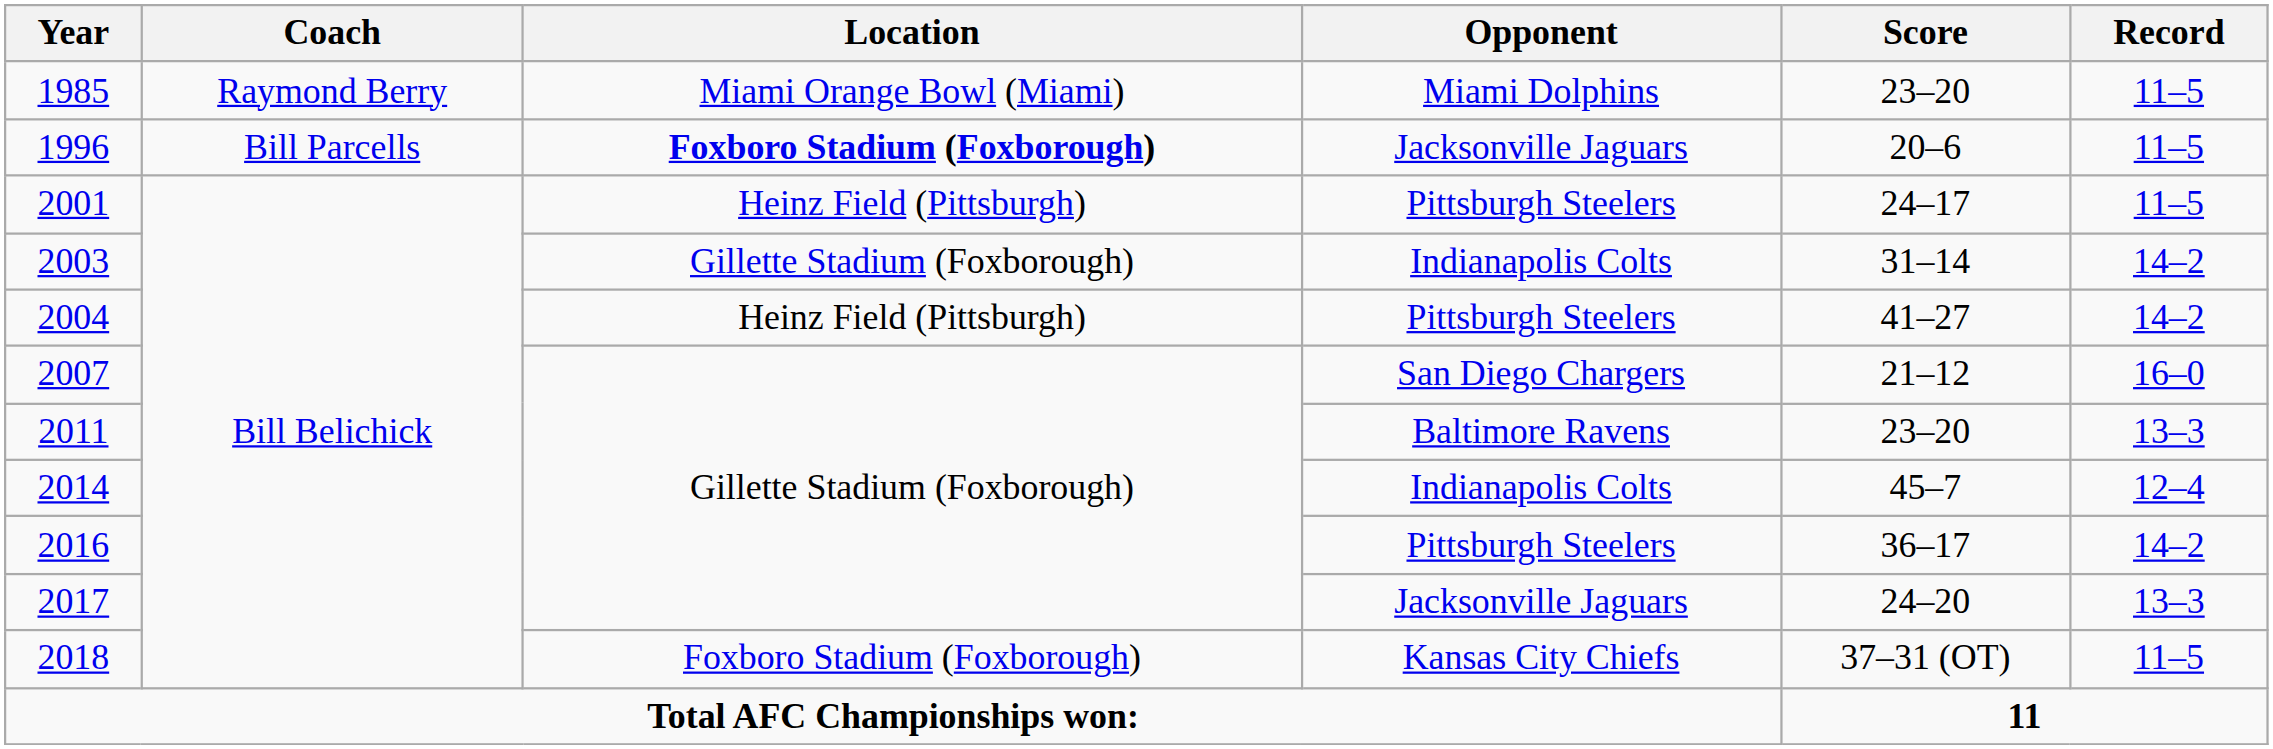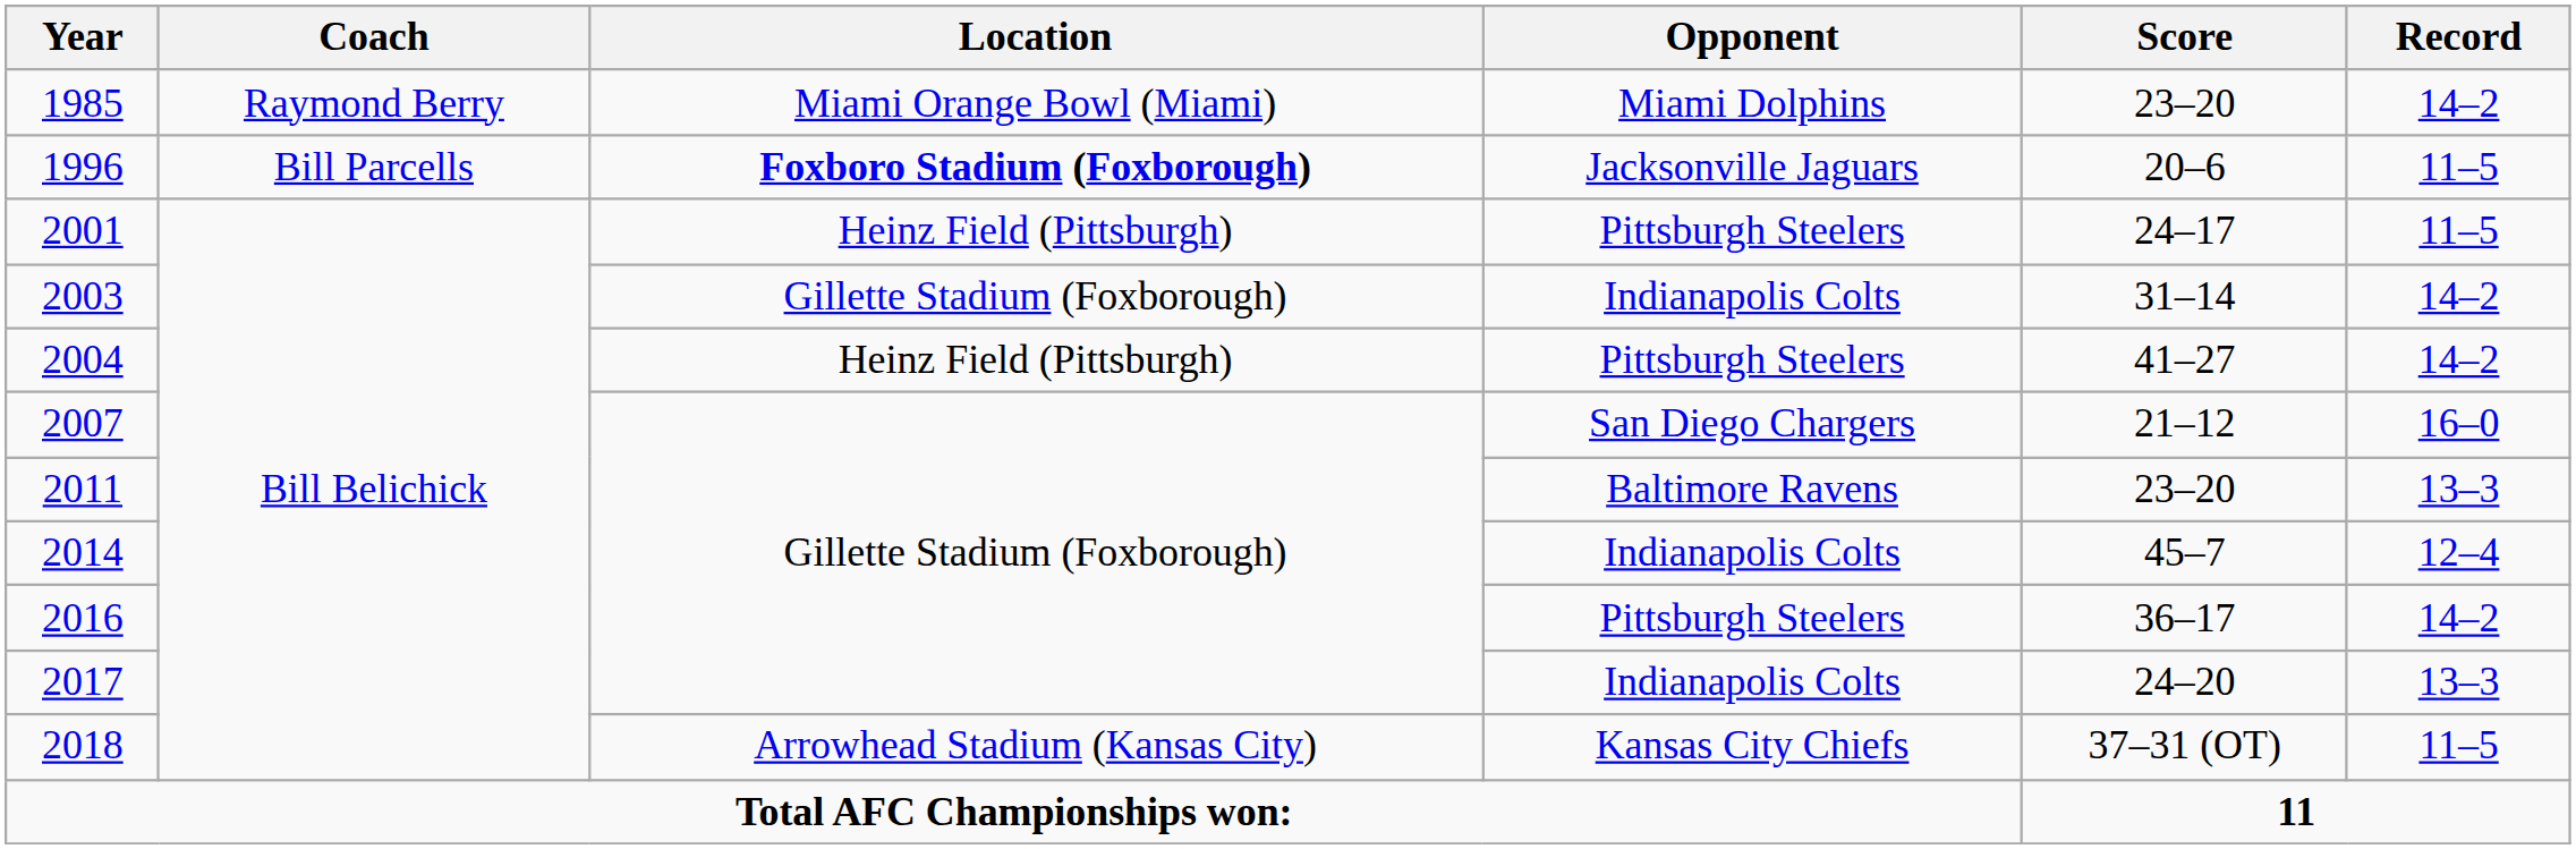 <table class="wikitable" style="width:80%;text-align:center">
 <tr>
 <th>Year</th>
 <th>Coach</th>
 <th>Location</th>
 <th>Opponent</th>
 <th>Score</th>
 <th>Record</th>
 </tr>
 <tr>
 <td><a href='#'>1985</a></td>
 <td><a href='#'>Raymond Berry</a></td>
 <td><a href='#'>Miami Orange Bowl</a> (<a href='#'>Miami</a>)</td>
 <td><a href='#'>Miami Dolphins</a></td>
 <td>23–20</td>
-<td><a href='#'>11–5</a></td>
+<td><a href='#'>14–2</a></td>
 </tr>
 <tr>
 <td><a href='#'>1996</a></td>
 <td><a href='#'>Bill Parcells</a></td>
 <td><strong><a href='#'>Foxboro Stadium</a> (<a href='#'>Foxborough</a>)</strong></td>
 <td><a href='#'>Jacksonville Jaguars</a></td>
 <td>20–6</td>
 <td><a href='#'>11–5</a></td>
 </tr>
 <tr>
 <td><a href='#'>2001</a></td>
 <td rowspan="9"><a href='#'>Bill Belichick</a></td>
 <td><a href='#'>Heinz Field</a> (<a href='#'>Pittsburgh</a>)</td>
 <td><a href='#'>Pittsburgh Steelers</a></td>
 <td>24–17</td>
 <td><a href='#'>11–5</a></td>
 </tr>
 <tr>
 <td><a href='#'>2003</a></td>
 <td><a href='#'>Gillette Stadium</a> (Foxborough)</td>
 <td><a href='#'>Indianapolis Colts</a></td>
 <td>31–14</td>
 <td><a href='#'>14–2</a></td>
 </tr>
 <tr>
 <td><a href='#'>2004</a></td>
 <td>Heinz Field (Pittsburgh)</td>
 <td><a href='#'>Pittsburgh Steelers</a></td>
 <td>41–27</td>
 <td><a href='#'>14–2</a></td>
 </tr>
 <tr>
 <td><a href='#'>2007</a></td>
 <td rowspan="5">Gillette Stadium (Foxborough)</td>
 <td><a href='#'>San Diego Chargers</a></td>
 <td>21–12</td>
 <td><a href='#'>16–0</a></td>
 </tr>
 <tr>
 <td><a href='#'>2011</a></td>
 <td><a href='#'>Baltimore Ravens</a></td>
 <td>23–20</td>
 <td><a href='#'>13–3</a></td>
 </tr>
 <tr>
 <td><a href='#'>2014</a></td>
 <td><a href='#'>Indianapolis Colts</a></td>
 <td>45–7</td>
 <td><a href='#'>12–4</a></td>
 </tr>
 <tr>
 <td><a href='#'>2016</a></td>
 <td><a href='#'>Pittsburgh Steelers</a></td>
 <td>36–17</td>
 <td><a href='#'>14–2</a></td>
 </tr>
 <tr>
 <td><a href='#'>2017</a></td>
-<td><a href='#'>Jacksonville Jaguars</a></td>
+<td><a href='#'>Indianapolis Colts</a></td>
 <td>24–20</td>
 <td><a href='#'>13–3</a></td>
 </tr>
 <tr>
 <td><a href='#'>2018</a></td>
-<td><a href='#'>Foxboro Stadium</a> (<a href='#'>Foxborough</a>)</td>
+<td><a href='#'>Arrowhead Stadium</a> (<a href='#'>Kansas City</a>)</td>
 <td><a href='#'>Kansas City Chiefs</a></td>
 <td>37–31 (OT)</td>
 <td><a href='#'>11–5</a></td>
 </tr>
 <tr>
 <td colspan="4"><strong>Total AFC Championships won:</strong></td>
 <td colspan="2"><strong>11</strong></td>
 </tr>
 </table>
